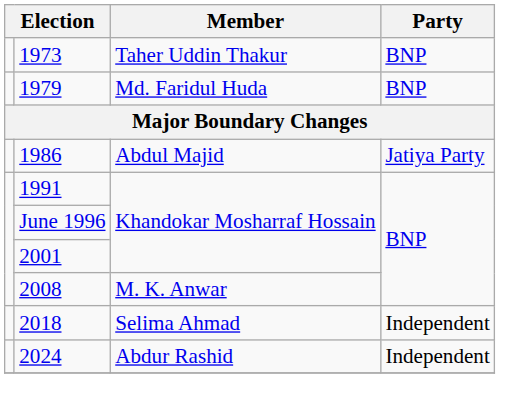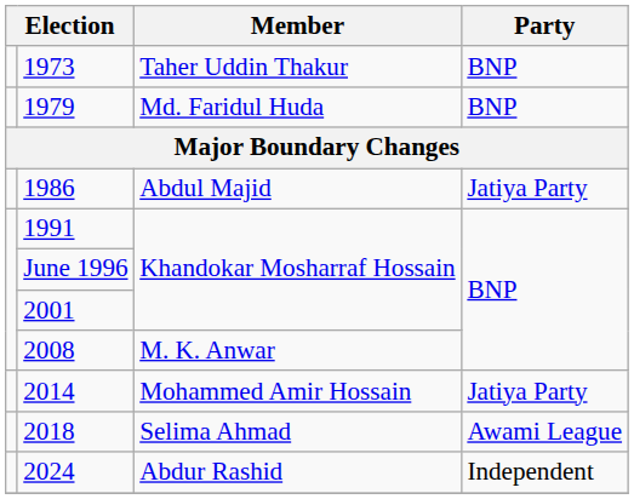 <table class="wikitable">
 <tr>
 <th colspan="2">Election</th>
 <th>Member</th>
 <th>Party</th>
 </tr>
 <tr>
 <td style="background-color:"></td>
 <td><a href='#'>1973</a></td>
 <td><a href='#'>Taher Uddin Thakur</a></td>
 <td><a href='#'>BNP</a></td>
 </tr>
 <tr>
 <td style="background-color:"></td>
 <td><a href='#'>1979</a></td>
 <td><a href='#'>Md. Faridul Huda</a></td>
 <td><a href='#'>BNP</a></td>
 </tr>
 <tr>
 <th colspan="4">Major Boundary Changes</th>
 </tr>
 <tr>
 <td style="background-color:"></td>
 <td><a href='#'>1986</a></td>
 <td><a href='#'>Abdul Majid</a></td>
 <td><a href='#'>Jatiya Party</a></td>
 </tr>
 <tr>
 <td rowspan="4" style="background-color:"></td>
 <td><a href='#'>1991</a></td>
 <td rowspan="3"><a href='#'>Khandokar Mosharraf Hossain</a></td>
 <td rowspan="4"><a href='#'>BNP</a></td>
 </tr>
 <tr>
 <td><a href='#'>June 1996</a></td>
 </tr>
 <tr>
 <td><a href='#'>2001</a></td>
 </tr>
 <tr>
 <td><a href='#'>2008</a></td>
 <td><a href='#'>M. K. Anwar</a></td>
 </tr>
 <tr>
 <td style="background-color:"></td>
+<td><a href='#'>2014</a></td>
+<td><a href='#'>Mohammed Amir Hossain</a></td>
+<td><a href='#'>Jatiya Party</a></td>
+</tr>
+<tr>
+<td style="background-color:"></td>
 <td><a href='#'>2018</a></td>
 <td><a href='#'>Selima Ahmad</a></td>
-<td>Independent</td>
+<td><a href='#'>Awami League</a></td>
 </tr>
 <tr>
 <td style="background-color:"></td>
 <td><a href='#'>2024</a></td>
 <td><a href='#'>Abdur Rashid</a></td>
 <td>Independent</td>
 </tr>
 <tr>
 </tr>
 </table>
